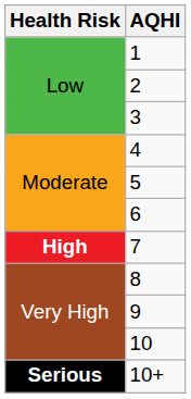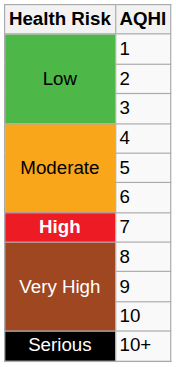 <table class="wikitable">
 <tr>
 <th>Health Risk</th>
 <th>AQHI</th>
 </tr>
 <tr>
 <td rowspan="3" style="text-align:center; background:#4db748;color:#000">Low</td>
 <td>1</td>
 </tr>
 <tr>
 <td>2</td>
 </tr>
 <tr>
 <td>3</td>
 </tr>
 <tr>
 <td rowspan="3" style="text-align:center; background:#f9a61a;color:#000">Moderate</td>
 <td>4</td>
 </tr>
 <tr>
 <td>5</td>
 </tr>
 <tr>
 <td>6</td>
 </tr>
 <tr>
 <td style="text-align:center; background:#ed1b24;color:#fff"><strong>High</strong></td>
 <td>7</td>
 </tr>
 <tr>
 <td rowspan="3" style="text-align:center; background:#9f4721;color:#fff">Very High</td>
 <td>8</td>
 </tr>
 <tr>
 <td>9</td>
 </tr>
 <tr>
 <td>10</td>
 </tr>
 <tr>
-<td style="text-align:center; background:#000000;color:#fff"><strong>Serious</strong></td>
+<td style="text-align:center; background:#000000;color:#fff">Serious</td>
 <td>10+</td>
 </tr>
 <tr>
 </tr>
 </table>
